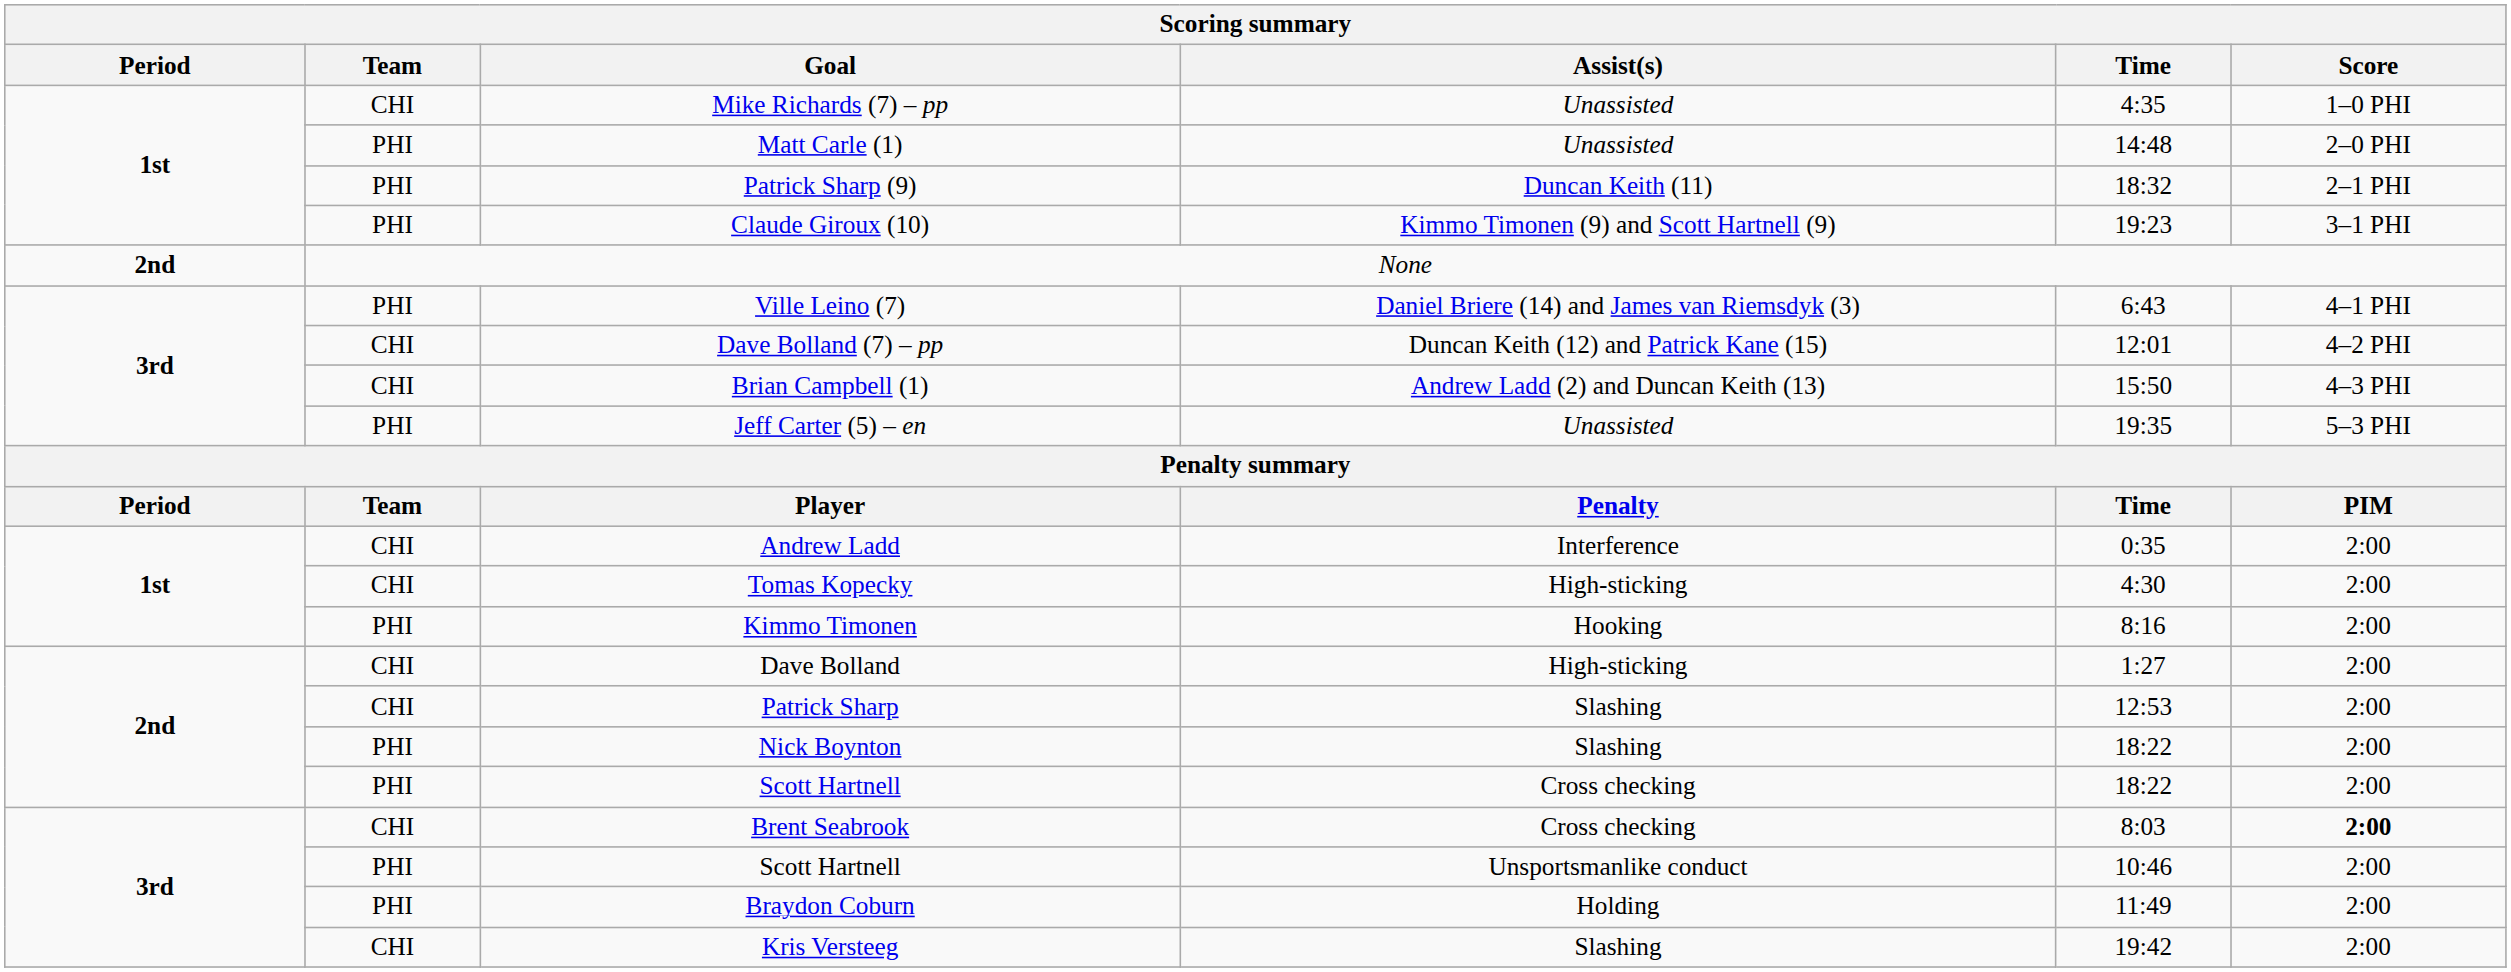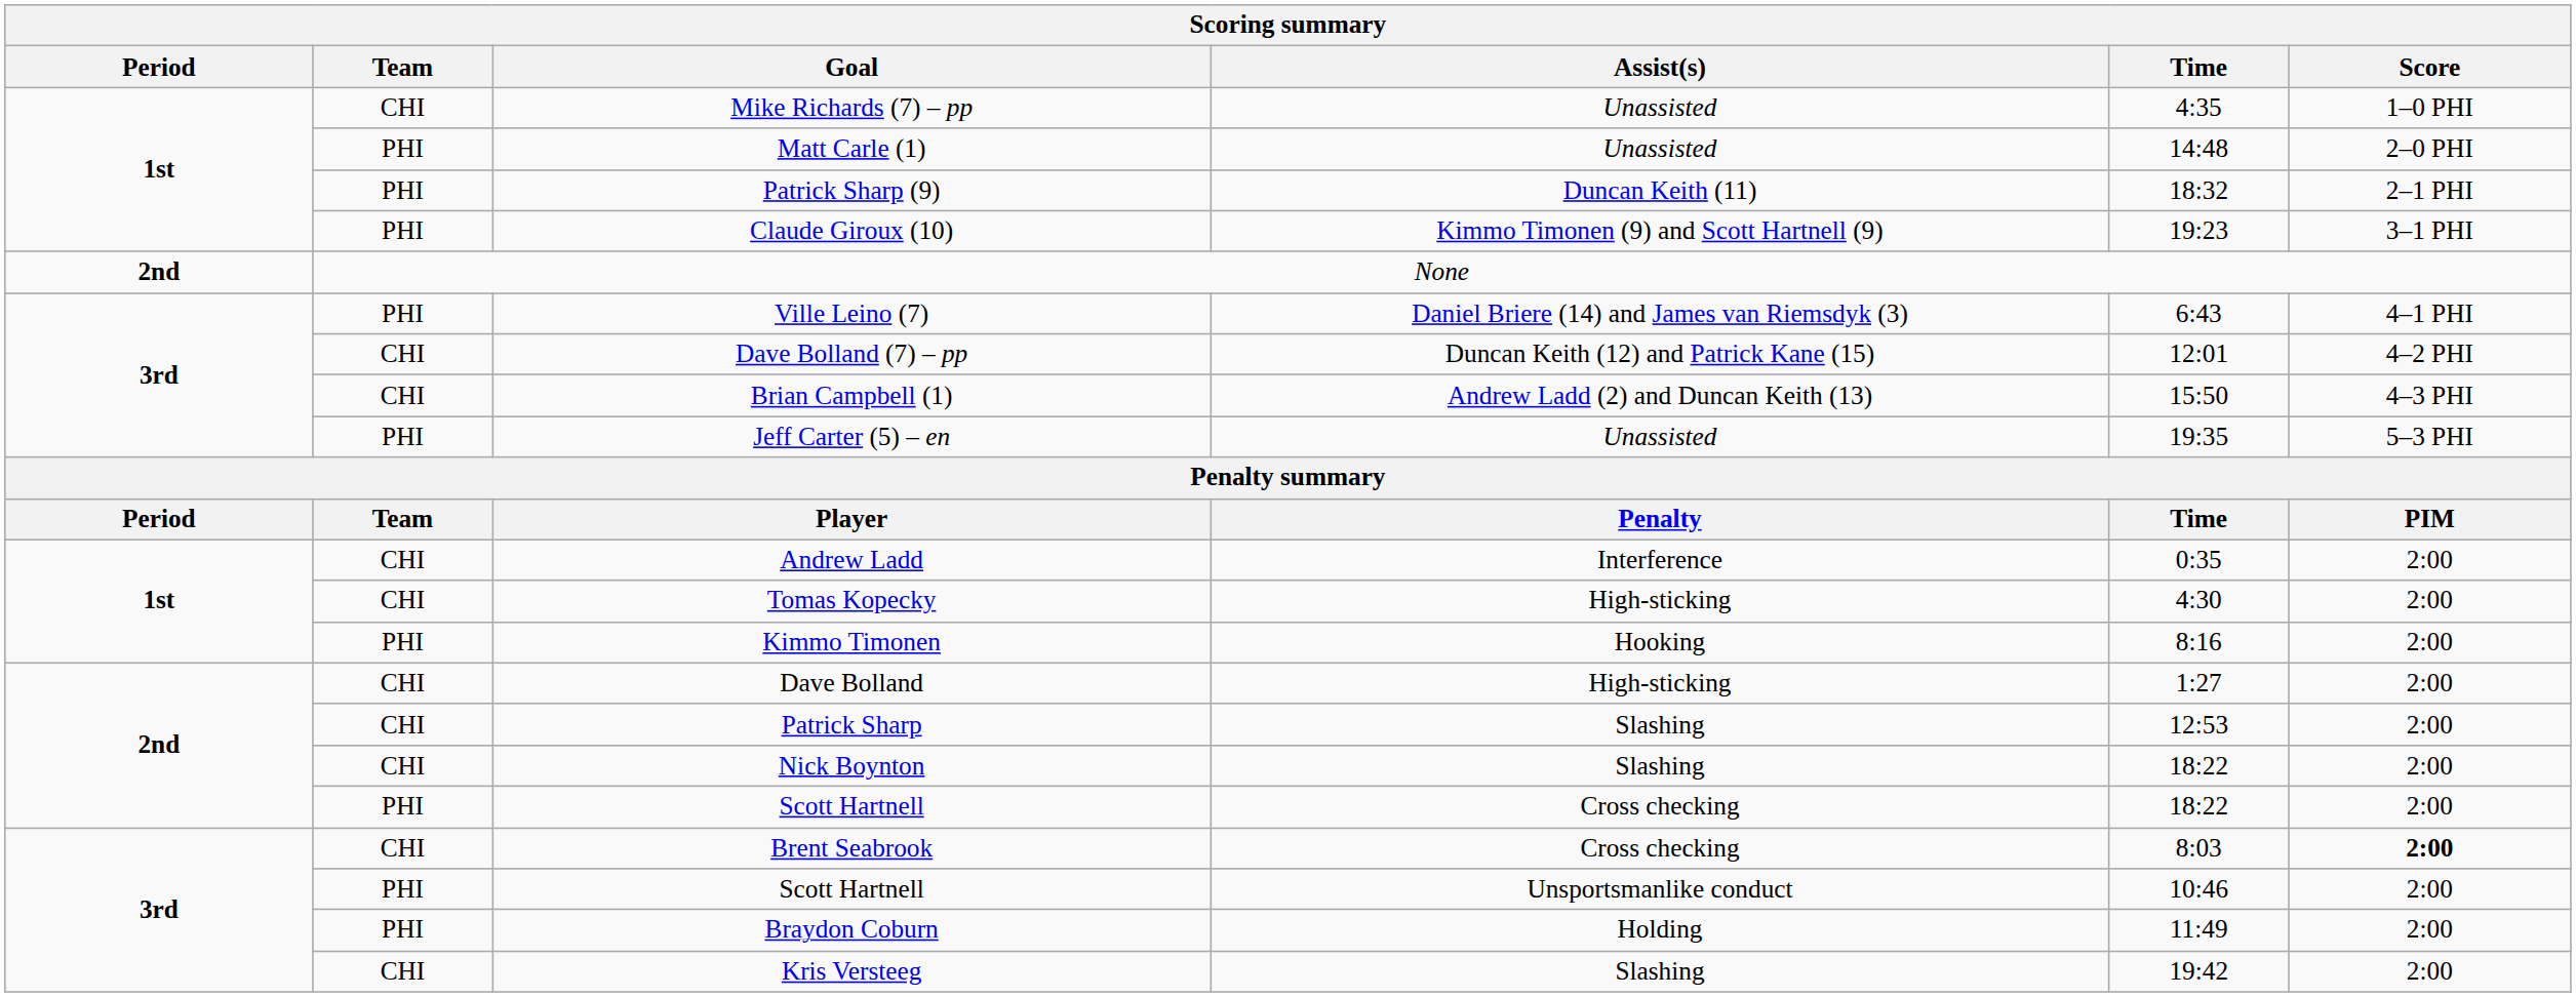 <table style="width:100%;" class="wikitable">
 <tr>
 <th colspan=6>Scoring summary</th>
 </tr>
 <tr>
 <th style="width:12%;">Period</th>
 <th style="width:7%;">Team</th>
 <th style="width:28%;">Goal</th>
 <th style="width:35%;">Assist(s)</th>
 <th style="width:7%;">Time</th>
 <th style="width:11%;">Score</th>
 </tr>
 <tr style="text-align:center;">
 <td rowspan="4"><strong>1st</strong></td>
 <td>CHI</td>
 <td><a href='#'>Mike Richards</a> (7) – <em>pp</em></td>
 <td><em>Unassisted</em></td>
 <td>4:35</td>
 <td>1–0 PHI</td>
 </tr>
 <tr style="text-align:center;">
 <td>PHI</td>
 <td><a href='#'>Matt Carle</a> (1)</td>
 <td><em>Unassisted</em></td>
 <td>14:48</td>
 <td>2–0 PHI</td>
 </tr>
 <tr style="text-align:center;">
 <td>PHI</td>
 <td><a href='#'>Patrick Sharp</a> (9)</td>
 <td><a href='#'>Duncan Keith</a> (11)</td>
 <td>18:32</td>
 <td>2–1 PHI</td>
 </tr>
 <tr style="text-align:center;">
 <td>PHI</td>
 <td><a href='#'>Claude Giroux</a> (10)</td>
 <td><a href='#'>Kimmo Timonen</a> (9) and <a href='#'>Scott Hartnell</a> (9)</td>
 <td>19:23</td>
 <td>3–1 PHI</td>
 </tr>
 <tr style="text-align:center;">
 <td><strong>2nd</strong></td>
 <td colspan="5"><em>None</em></td>
 </tr>
 <tr style="text-align:center;">
 <td rowspan="4"><strong>3rd</strong></td>
 <td>PHI</td>
 <td><a href='#'>Ville Leino</a> (7)</td>
 <td><a href='#'>Daniel Briere</a> (14) and <a href='#'>James van Riemsdyk</a> (3)</td>
 <td>6:43</td>
 <td>4–1 PHI</td>
 </tr>
 <tr style="text-align:center;">
 <td>CHI</td>
 <td><a href='#'>Dave Bolland</a> (7) – <em>pp</em></td>
 <td>Duncan Keith (12) and <a href='#'>Patrick Kane</a> (15)</td>
 <td>12:01</td>
 <td>4–2 PHI</td>
 </tr>
 <tr style="text-align:center;">
 <td>CHI</td>
 <td><a href='#'>Brian Campbell</a> (1)</td>
 <td><a href='#'>Andrew Ladd</a> (2) and Duncan Keith (13)</td>
 <td>15:50</td>
 <td>4–3 PHI</td>
 </tr>
 <tr style="text-align:center;">
 <td>PHI</td>
 <td><a href='#'>Jeff Carter</a> (5) – <em>en</em></td>
 <td><em>Unassisted</em></td>
 <td>19:35</td>
 <td>5–3 PHI</td>
 </tr>
 <tr>
 <th colspan=6>Penalty summary</th>
 </tr>
 <tr>
 <th style="width:12%;">Period</th>
 <th style="width:7%;">Team</th>
 <th style="width:28%;">Player</th>
 <th style="width:35%;"><a href='#'>Penalty</a></th>
 <th style="width:7%;">Time</th>
 <th style="width:11%;">PIM</th>
 </tr>
 <tr style="text-align:center;">
 <td rowspan="3"><strong>1st</strong></td>
 <td>CHI</td>
 <td><a href='#'>Andrew Ladd</a></td>
 <td>Interference</td>
 <td>0:35</td>
 <td>2:00</td>
 </tr>
 <tr style="text-align:center;">
 <td>CHI</td>
 <td><a href='#'>Tomas Kopecky</a></td>
 <td>High-sticking</td>
 <td>4:30</td>
 <td>2:00</td>
 </tr>
 <tr style="text-align:center;">
 <td>PHI</td>
 <td><a href='#'>Kimmo Timonen</a></td>
 <td>Hooking</td>
 <td>8:16</td>
 <td>2:00</td>
 </tr>
 <tr style="text-align:center;">
 <td rowspan="4"><strong>2nd</strong></td>
 <td>CHI</td>
 <td>Dave Bolland</td>
 <td>High-sticking</td>
 <td>1:27</td>
 <td>2:00</td>
 </tr>
 <tr style="text-align:center;">
 <td>CHI</td>
 <td><a href='#'>Patrick Sharp</a></td>
 <td>Slashing</td>
 <td>12:53</td>
 <td>2:00</td>
 </tr>
 <tr style="text-align:center;">
-<td>PHI</td>
+<td>CHI</td>
 <td><a href='#'>Nick Boynton</a></td>
 <td>Slashing</td>
 <td>18:22</td>
 <td>2:00</td>
 </tr>
 <tr style="text-align:center;">
 <td>PHI</td>
 <td><a href='#'>Scott Hartnell</a></td>
 <td>Cross checking</td>
 <td>18:22</td>
 <td>2:00</td>
 </tr>
 <tr style="text-align:center;">
 <td rowspan="4"><strong>3rd</strong></td>
 <td>CHI</td>
 <td><a href='#'>Brent Seabrook</a></td>
 <td>Cross checking</td>
 <td>8:03</td>
 <td><strong>2:00</strong></td>
 </tr>
 <tr style="text-align:center;">
 <td>PHI</td>
 <td>Scott Hartnell</td>
 <td>Unsportsmanlike conduct</td>
 <td>10:46</td>
 <td>2:00</td>
 </tr>
 <tr style="text-align:center;">
 <td>PHI</td>
 <td><a href='#'>Braydon Coburn</a></td>
 <td>Holding</td>
 <td>11:49</td>
 <td>2:00</td>
 </tr>
 <tr style="text-align:center;">
 <td>CHI</td>
 <td><a href='#'>Kris Versteeg</a></td>
 <td>Slashing</td>
 <td>19:42</td>
 <td>2:00</td>
 </tr>
 </table>
